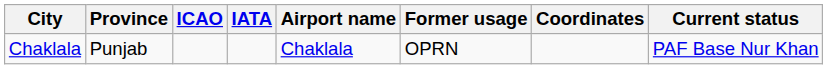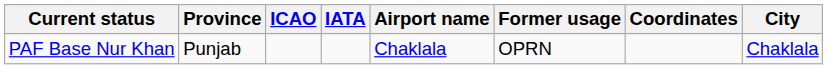 <table class="wikitable">
 <tr>
-<th>City</th>
+<th>Current status</th>
 <th>Province</th>
 <th><a href='#'><strong>ICAO</strong></a></th>
 <th><a href='#'><strong>IATA</strong></a></th>
 <th>Airport name</th>
 <th>Former usage</th>
 <th>Coordinates</th>
-<th>Current status</th>
+<th>City</th>
 </tr>
 <tr>
-<td><a href='#'>Chaklala</a></td>
+<td><a href='#'>PAF Base Nur Khan</a></td>
 <td>Punjab</td>
 <td></td>
 <td></td>
 <td><a href='#'>Chaklala</a></td>
 <td>OPRN</td>
 <td></td>
-<td><a href='#'>PAF Base Nur Khan</a></td>
+<td><a href='#'>Chaklala</a></td>
 </tr>
 </table>
